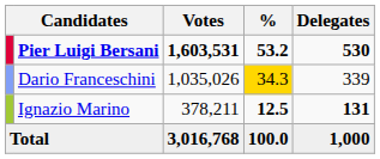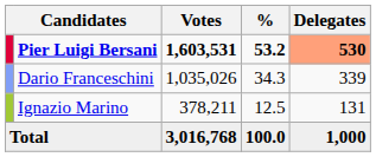 <table class="wikitable" style="font-size:95%">
 <tr style="background:#efefef;">
 <th colspan="2">Candidates</th>
 <th>Votes</th>
 <th>%</th>
 <th>Delegates</th>
 </tr>
 <tr>
 <td bgcolor="#DF013A"></td>
 <td><strong><a href='#'>Pier Luigi Bersani</a></strong></td>
 <td align=right><strong>1,603,531</strong></td>
 <td align=right><strong>53.2</strong></td>
-<td align=right><strong>530</strong></td>
+<td align=right style="background: lightsalmon;"><strong>530</strong></td>
 </tr>
 <tr>
 <td bgcolor="#819FF7"></td>
 <td><a href='#'>Dario Franceschini</a></td>
 <td align=right>1,035,026</td>
-<td align=right style="background: gold;">34.3</td>
+<td align=right>34.3</td>
 <td align=right>339</td>
 </tr>
 <tr>
 <td bgcolor="#A1C935"></td>
 <td><a href='#'>Ignazio Marino</a></td>
 <td align=right>378,211</td>
-<td align=right><strong>12.5</strong></td>
-<td align=right><strong>131</strong></td>
+<td align=right>12.5</td>
+<td align=right>131</td>
 </tr>
 <tr style="background:#efefef;">
 <td colspan="2"><strong>Total</strong></td>
 <td align=right><strong>3,016,768</strong></td>
 <td align=right><strong>100.0</strong></td>
 <td align=right><strong>1,000</strong></td>
 </tr>
 </table>
